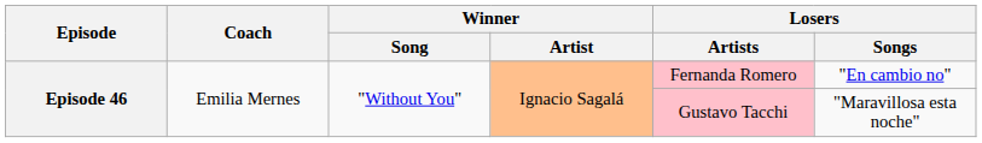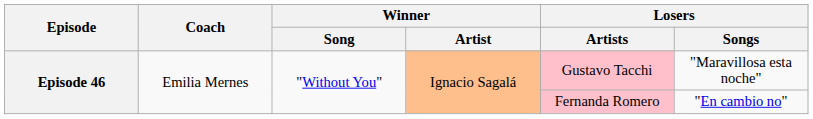 <table class="wikitable" style="text-align: center; width:100%">
 <tr>
 <th rowspan="2" style="width:15%">Episode</th>
 <th rowspan="2" style="width:15%">Coach</th>
 <th colspan="2" style="width:15%">Winner</th>
 <th colspan="2" style="width:15%">Losers</th>
 </tr>
 <tr>
 <th style="width:15%">Song</th>
 <th style="width:15%">Artist</th>
 <th style="width:15%">Artists</th>
 <th style="width:15%">Songs</th>
 </tr>
 <tr>
 <th rowspan="2">Episode 46<br></th>
 <td rowspan="2">Emilia Mernes</td>
 <td rowspan="2">"<a href='#'>Without You</a>"</td>
 <td rowspan="2" style="background:#ffbf8c">Ignacio Sagalá</td>
+<td style="background:pink">Gustavo Tacchi</td>
+<td>"Maravillosa esta noche"</td>
+</tr>
+<tr>
 <td style="background:pink">Fernanda Romero</td>
 <td>"<a href='#'>En cambio no</a>"</td>
 </tr>
-<tr>
-<td style="background:pink">Gustavo Tacchi</td>
-<td>"Maravillosa esta noche"</td>
-</tr>
 </table>
